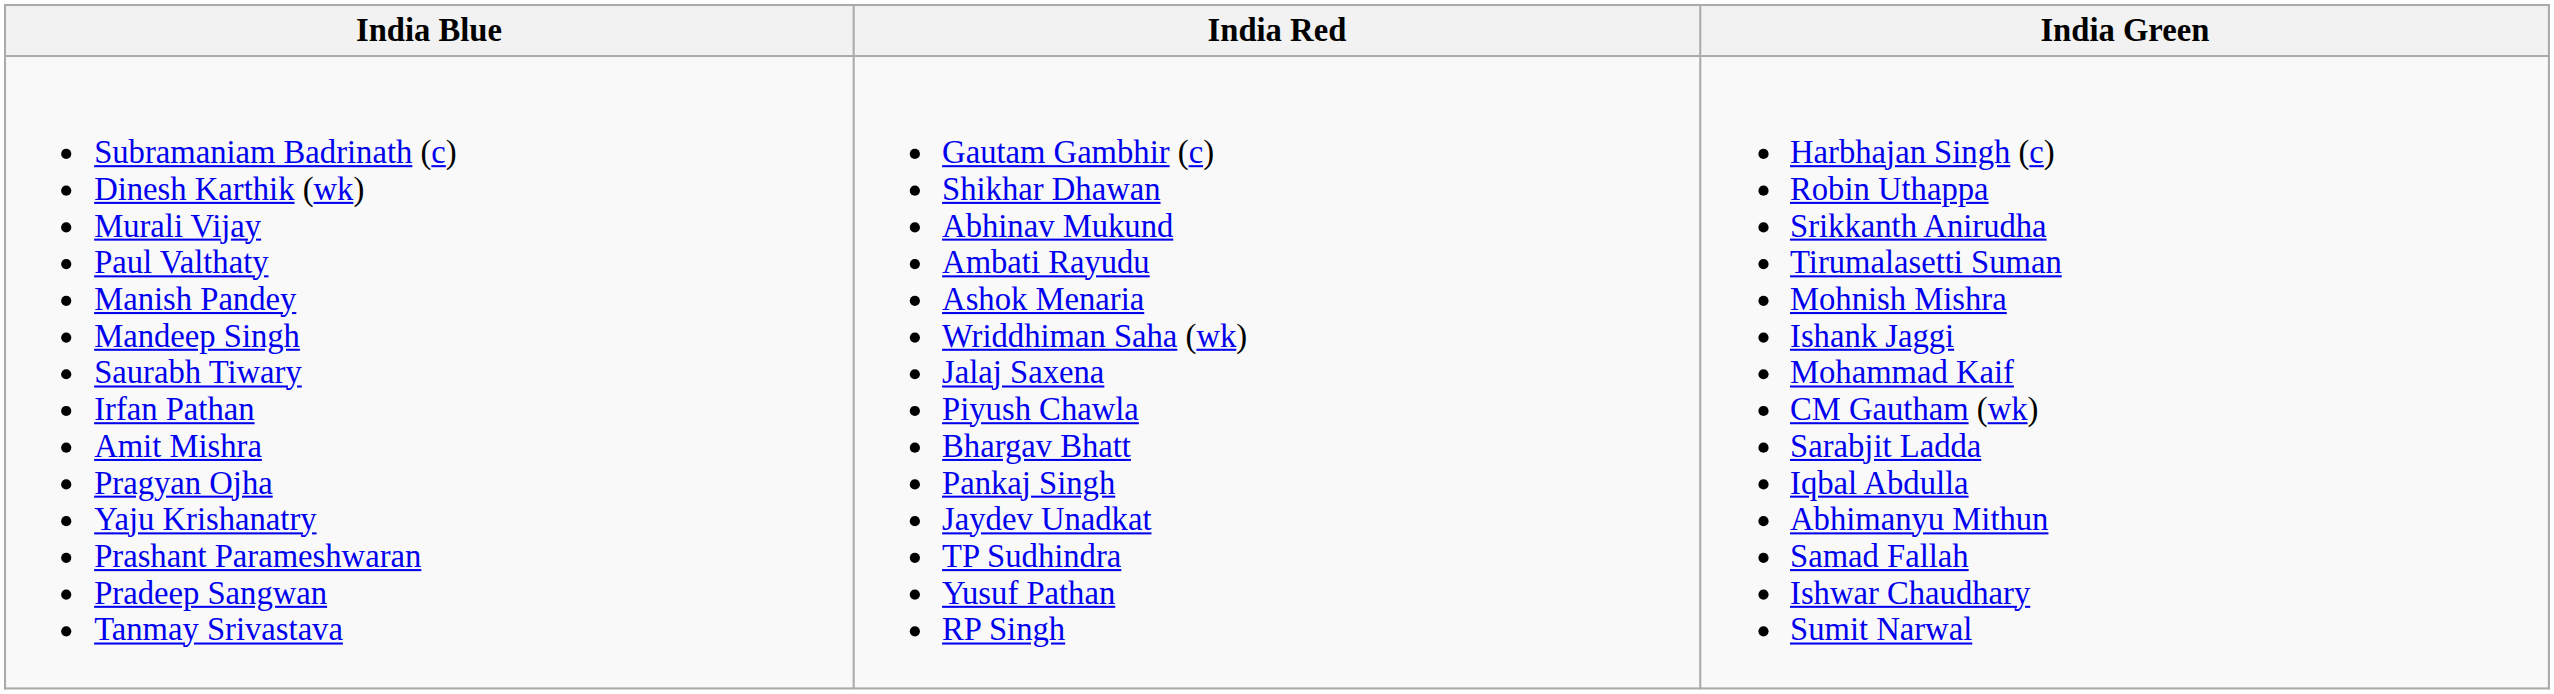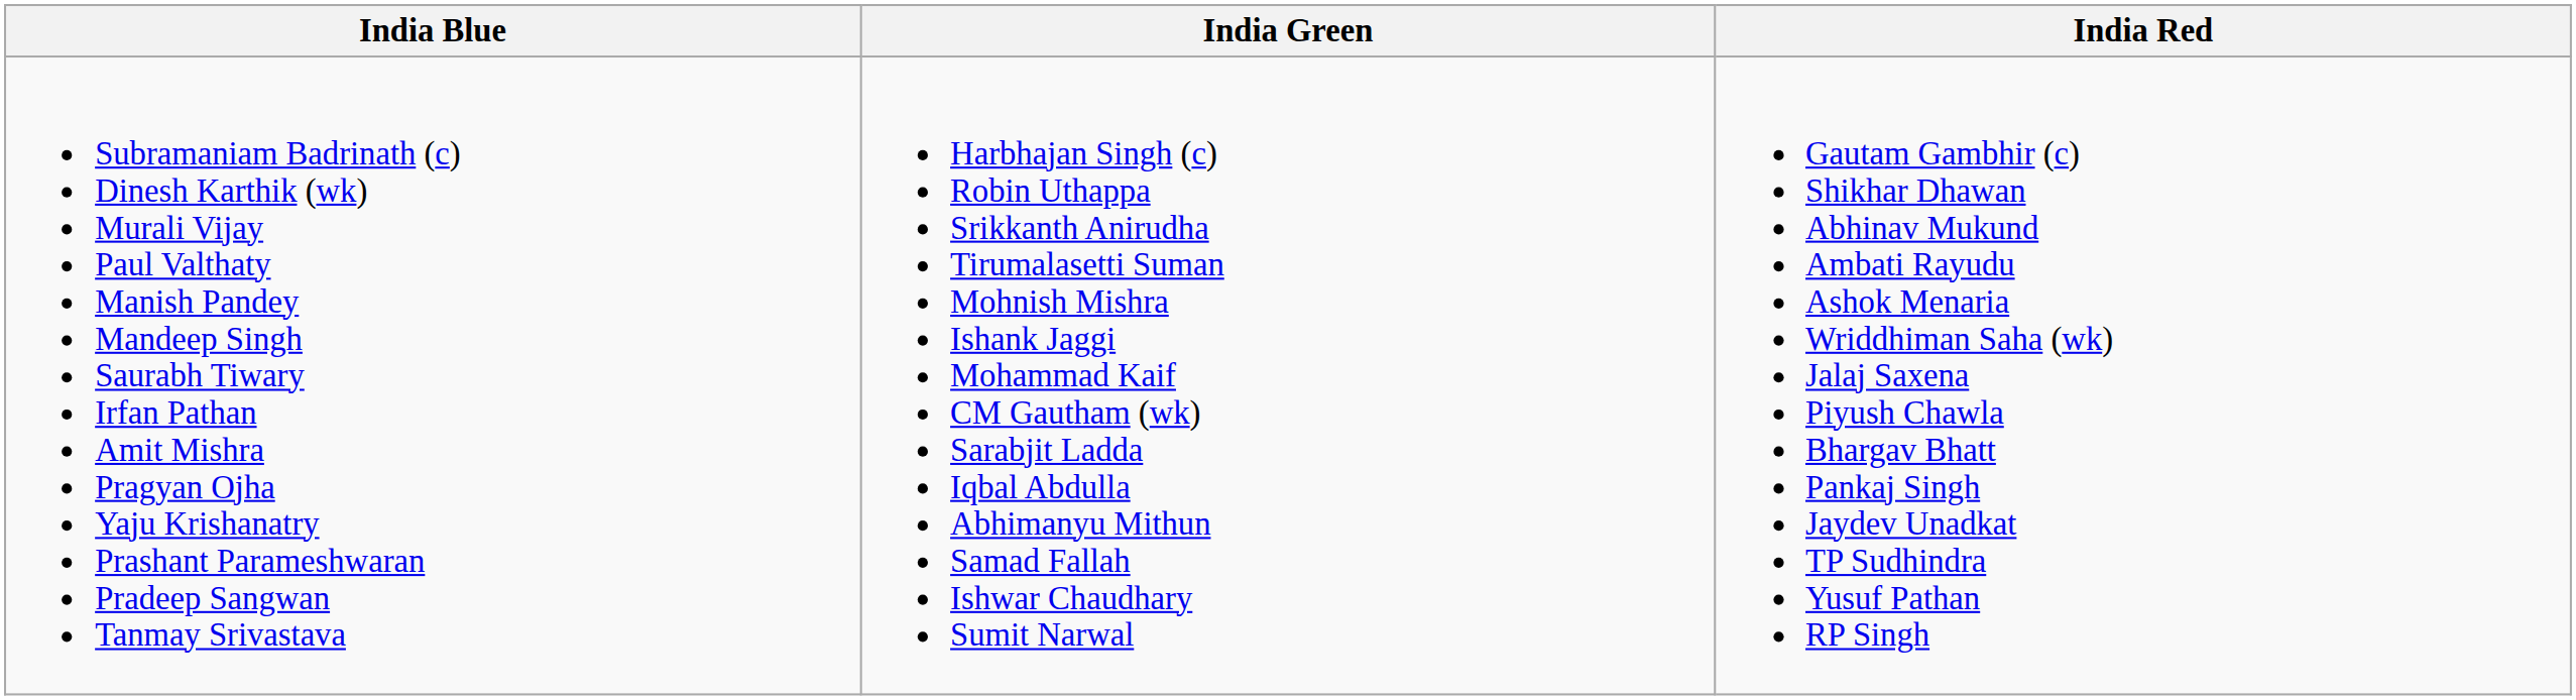 <table class="wikitable">
 <tr>
 <th style="width:15%;"> India Blue </th>
+<th style="width:15%;"> India Green </th>
 <th style="width:15%;"> India Red </th>
-<th style="width:15%;"> India Green </th>
 </tr>
 <tr style="vertical-align:top">
 <td><br><ul><li><a href='#'>Subramaniam Badrinath</a> (<a href='#'>c</a>)</li><li><a href='#'>Dinesh Karthik</a> (<a href='#'>wk</a>)</li><li><a href='#'>Murali Vijay</a></li><li><a href='#'>Paul Valthaty</a></li><li><a href='#'>Manish Pandey</a></li><li><a href='#'>Mandeep Singh</a></li><li><a href='#'>Saurabh Tiwary</a></li><li><a href='#'>Irfan Pathan</a></li><li><a href='#'>Amit Mishra</a></li><li><a href='#'>Pragyan Ojha</a></li><li><a href='#'>Yaju Krishanatry</a></li><li><a href='#'>Prashant Parameshwaran</a></li><li><a href='#'>Pradeep Sangwan</a></li><li><a href='#'>Tanmay Srivastava</a></li></ul></td>
+<td><br><ul><li><a href='#'>Harbhajan Singh</a> (<a href='#'>c</a>)</li><li><a href='#'>Robin Uthappa</a></li><li><a href='#'>Srikkanth Anirudha</a></li><li><a href='#'>Tirumalasetti Suman</a></li><li><a href='#'>Mohnish Mishra</a></li><li><a href='#'>Ishank Jaggi</a></li><li><a href='#'>Mohammad Kaif</a></li><li><a href='#'>CM Gautham</a> (<a href='#'>wk</a>)</li><li><a href='#'>Sarabjit Ladda</a></li><li><a href='#'>Iqbal Abdulla</a></li><li><a href='#'>Abhimanyu Mithun</a></li><li><a href='#'>Samad Fallah</a></li><li><a href='#'>Ishwar Chaudhary</a></li><li><a href='#'>Sumit Narwal</a></li></ul></td>
 <td><br><ul><li><a href='#'>Gautam Gambhir</a> (<a href='#'>c</a>)</li><li><a href='#'>Shikhar Dhawan</a></li><li><a href='#'>Abhinav Mukund</a></li><li><a href='#'>Ambati Rayudu</a></li><li><a href='#'>Ashok Menaria</a></li><li><a href='#'>Wriddhiman Saha</a> (<a href='#'>wk</a>)</li><li><a href='#'>Jalaj Saxena</a></li><li><a href='#'>Piyush Chawla</a></li><li><a href='#'>Bhargav Bhatt</a></li><li><a href='#'>Pankaj Singh</a></li><li><a href='#'>Jaydev Unadkat</a></li><li><a href='#'>TP Sudhindra</a></li><li><a href='#'>Yusuf Pathan</a></li><li><a href='#'>RP Singh</a></li></ul></td>
-<td><br><ul><li><a href='#'>Harbhajan Singh</a> (<a href='#'>c</a>)</li><li><a href='#'>Robin Uthappa</a></li><li><a href='#'>Srikkanth Anirudha</a></li><li><a href='#'>Tirumalasetti Suman</a></li><li><a href='#'>Mohnish Mishra</a></li><li><a href='#'>Ishank Jaggi</a></li><li><a href='#'>Mohammad Kaif</a></li><li><a href='#'>CM Gautham</a> (<a href='#'>wk</a>)</li><li><a href='#'>Sarabjit Ladda</a></li><li><a href='#'>Iqbal Abdulla</a></li><li><a href='#'>Abhimanyu Mithun</a></li><li><a href='#'>Samad Fallah</a></li><li><a href='#'>Ishwar Chaudhary</a></li><li><a href='#'>Sumit Narwal</a></li></ul></td>
 </tr>
 </table>
